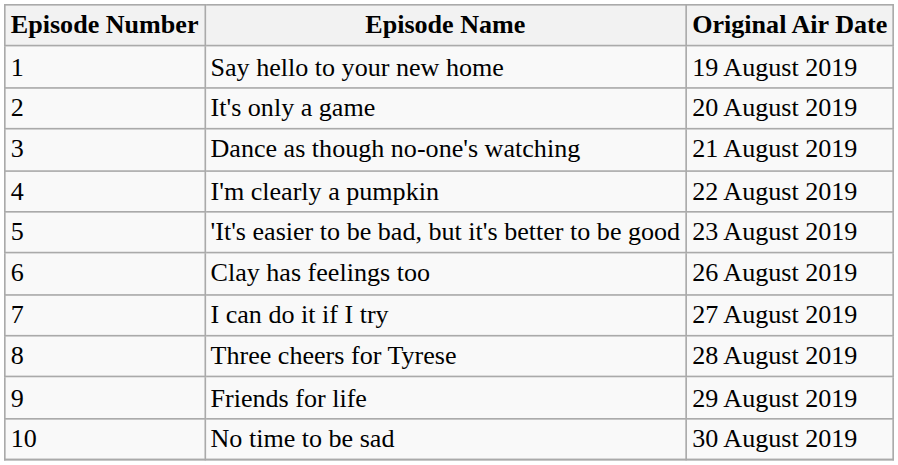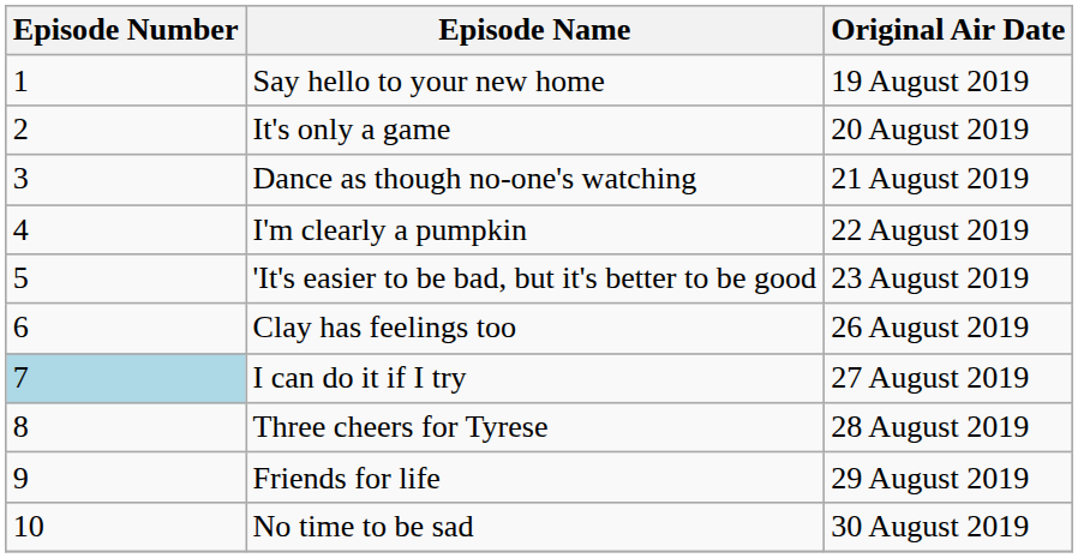 <table class="wikitable">
 <tr>
 <th>Episode Number</th>
 <th>Episode Name</th>
 <th>Original Air Date</th>
 </tr>
 <tr>
 <td>1</td>
 <td>Say hello to your new home</td>
 <td>19 August 2019</td>
 </tr>
 <tr>
 <td>2</td>
 <td>It's only a game</td>
 <td>20 August 2019</td>
 </tr>
 <tr>
 <td>3</td>
 <td>Dance as though no-one's watching</td>
 <td>21 August 2019</td>
 </tr>
 <tr>
 <td>4</td>
 <td>I'm clearly a pumpkin</td>
 <td>22 August 2019</td>
 </tr>
 <tr>
 <td>5</td>
 <td>'It's easier to be bad, but it's better to be good</td>
 <td>23 August 2019</td>
 </tr>
 <tr>
 <td>6</td>
 <td>Clay has feelings too</td>
 <td>26 August 2019</td>
 </tr>
 <tr>
-<td>7</td>
+<td style="background: lightblue;">7</td>
 <td>I can do it if I try</td>
 <td>27 August 2019</td>
 </tr>
 <tr>
 <td>8</td>
 <td>Three cheers for Tyrese</td>
 <td>28 August 2019</td>
 </tr>
 <tr>
 <td>9</td>
 <td>Friends for life</td>
 <td>29 August 2019</td>
 </tr>
 <tr>
 <td>10</td>
 <td>No time to be sad</td>
 <td>30 August 2019</td>
 </tr>
 <tr>
 </tr>
 </table>
